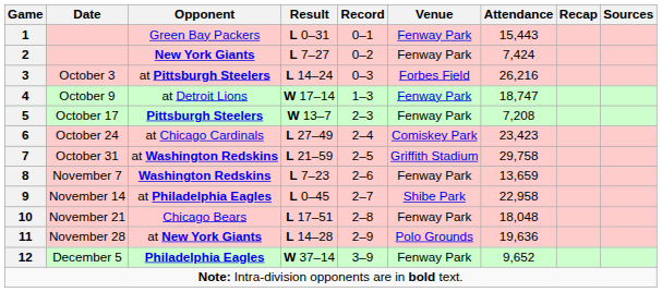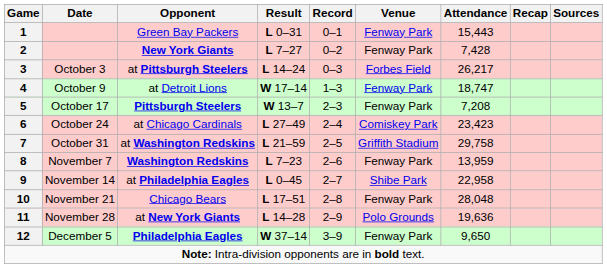 <table class="wikitable" style="text-align:center">
 <tr>
 <th>Game</th>
 <th>Date</th>
 <th>Opponent</th>
 <th>Result</th>
 <th>Record</th>
 <th>Venue</th>
 <th>Attendance</th>
 <th>Recap</th>
 <th>Sources</th>
 </tr>
 <tr style="background:#fcc">
 <th>1</th>
 <td></td>
 <td><a href='#'>Green Bay Packers</a></td>
 <td><strong>L</strong> 0–31</td>
 <td>0–1</td>
 <td><a href='#'>Fenway Park</a></td>
 <td>15,443</td>
 <td></td>
 <td></td>
 </tr>
 <tr style="background:#fcc">
 <th>2</th>
 <td></td>
 <td><strong><a href='#'>New York Giants</a></strong></td>
 <td><strong>L</strong> 7–27</td>
 <td>0–2</td>
 <td>Fenway Park</td>
-<td>7,424</td>
+<td>7,428</td>
 <td></td>
 <td></td>
 </tr>
 <tr style="background:#fcc">
 <th>3</th>
 <td>October 3</td>
 <td>at <strong><a href='#'>Pittsburgh Steelers</a></strong></td>
 <td><strong>L</strong> 14–24</td>
 <td>0–3</td>
 <td><a href='#'>Forbes Field</a></td>
-<td>26,216</td>
+<td>26,217</td>
 <td></td>
 <td></td>
 </tr>
 <tr style="background:#cfc">
 <th>4</th>
 <td>October 9</td>
 <td>at <a href='#'>Detroit Lions</a></td>
 <td><strong>W</strong> 17–14</td>
 <td>1–3</td>
 <td><a href='#'>Fenway Park</a></td>
 <td>18,747</td>
 <td></td>
 <td></td>
 </tr>
 <tr style="background:#cfc">
 <th>5</th>
 <td>October 17</td>
 <td><strong><a href='#'>Pittsburgh Steelers</a></strong></td>
 <td><strong>W</strong> 13–7</td>
 <td>2–3</td>
 <td>Fenway Park</td>
 <td>7,208</td>
 <td></td>
 <td></td>
 </tr>
 <tr style="background:#fcc">
 <th>6</th>
 <td>October 24</td>
 <td>at <a href='#'>Chicago Cardinals</a></td>
 <td><strong>L</strong> 27–49</td>
 <td>2–4</td>
 <td><a href='#'>Comiskey Park</a></td>
 <td>23,423</td>
 <td></td>
 <td></td>
 </tr>
 <tr style="background:#fcc">
 <th>7</th>
 <td>October 31</td>
 <td>at <strong><a href='#'>Washington Redskins</a></strong></td>
 <td><strong>L</strong> 21–59</td>
 <td>2–5</td>
 <td><a href='#'>Griffith Stadium</a></td>
 <td>29,758</td>
 <td></td>
 <td></td>
 </tr>
 <tr style="background:#fcc">
 <th>8</th>
 <td>November 7</td>
 <td><strong><a href='#'>Washington Redskins</a></strong></td>
 <td><strong>L</strong> 7–23</td>
 <td>2–6</td>
 <td>Fenway Park</td>
-<td>13,659</td>
+<td>13,959</td>
 <td></td>
 <td></td>
 </tr>
 <tr style="background:#fcc">
 <th>9</th>
 <td>November 14</td>
 <td>at <strong><a href='#'>Philadelphia Eagles</a></strong></td>
 <td><strong>L</strong> 0–45</td>
 <td>2–7</td>
 <td><a href='#'>Shibe Park</a></td>
 <td>22,958</td>
 <td></td>
 <td></td>
 </tr>
 <tr style="background:#fcc">
 <th>10</th>
 <td>November 21</td>
 <td><a href='#'>Chicago Bears</a></td>
 <td><strong>L</strong> 17–51</td>
 <td>2–8</td>
 <td>Fenway Park</td>
-<td>18,048</td>
+<td>28,048</td>
 <td></td>
 <td></td>
 </tr>
 <tr style="background:#fcc">
 <th>11</th>
 <td>November 28</td>
 <td>at <strong><a href='#'>New York Giants</a></strong></td>
 <td><strong>L</strong> 14–28</td>
 <td>2–9</td>
 <td><a href='#'>Polo Grounds</a></td>
 <td>19,636</td>
 <td></td>
 <td></td>
 </tr>
 <tr style="background:#cfc">
 <th>12</th>
 <td>December 5</td>
 <td><strong><a href='#'>Philadelphia Eagles</a></strong></td>
 <td><strong>W</strong> 37–14</td>
 <td>3–9</td>
 <td>Fenway Park</td>
-<td>9,652</td>
+<td>9,650</td>
 <td></td>
 <td></td>
 </tr>
 <tr>
 <td colspan="10"><strong>Note:</strong> Intra-division opponents are in <strong>bold</strong> text.</td>
 </tr>
 </table>
